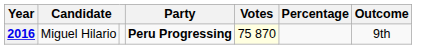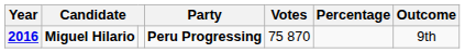 <table class="wikitable" style="text-align:center">
 <tr>
 <th>Year</th>
 <th colspan="2">Candidate</th>
 <th>Party</th>
 <th>Votes</th>
 <th>Percentage</th>
 <th>Outcome</th>
 </tr>
 <tr>
 <th><strong><a href='#'>2016</a></strong></th>
-<td>Miguel Hilario</td>
+<td><strong>Miguel Hilario</strong></td>
 <td></td>
 <td><strong>Peru Progressing</strong></td>
-<td style="background: lightyellow;">75 870</td>
+<td>75 870</td>
 <td></td>
 <td>9th</td>
 </tr>
 </table>
